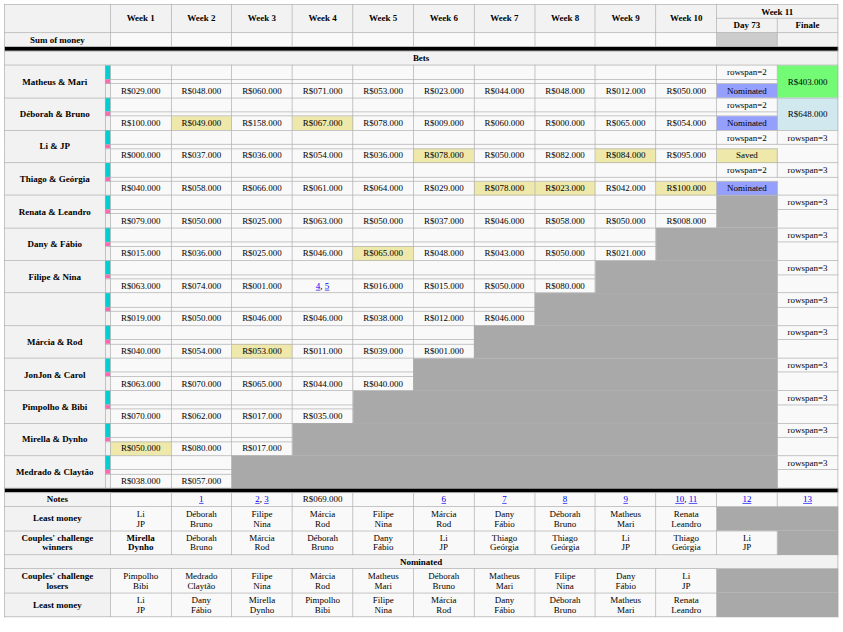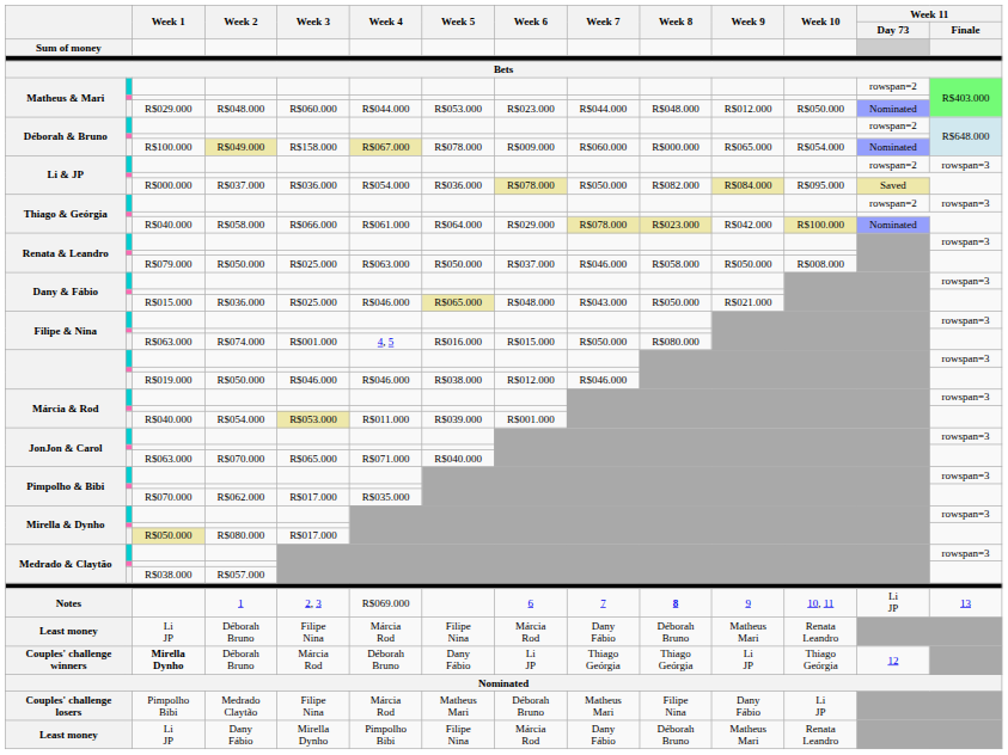 <table class="wikitable" style="text-align:center; font-size:85%; width:100%; line-height:15px;">
 <tr>
 <th rowspan=2 colspan=2 style="width:10.5%"></th>
 <th rowspan=2 style="width:06.0%">Week 1</th>
 <th rowspan=2 style="width:06.0%">Week 2</th>
 <th rowspan=2 style="width:06.0%">Week 3</th>
 <th rowspan=2 style="width:06.0%">Week 4</th>
 <th rowspan=2 style="width:06.0%">Week 5</th>
 <th rowspan=2 style="width:06.0%">Week 6</th>
 <th rowspan=2 style="width:06.0%">Week 7</th>
 <th rowspan=2 style="width:06.0%">Week 8</th>
 <th rowspan=2 style="width:06.0%">Week 9</th>
 <th rowspan=2 style="width:06.0%">Week 10</th>
 <th colspan=2 style="width:12.0%">Week 11</th>
 </tr>
 <tr>
 <th style="width:06.0%">Day 73</th>
 <th style="width:06.0%">Finale</th>
 </tr>
 <tr>
 <th colspan=2>Sum of money</th>
 <td></td>
 <td></td>
 <td></td>
 <td></td>
 <td></td>
 <td></td>
 <td></td>
 <td></td>
 <td></td>
 <td></td>
 <td bgcolor=CCCCCC></td>
 <th></th>
 </tr>
 <tr>
 <td colspan="14" bgcolor="000000"></td>
 </tr>
 <tr>
 <th colspan="14">Bets</th>
 </tr>
 <tr>
 <th rowspan=3>Matheus & Mari</th>
 <td bgcolor=00CED1></td>
 <td></td>
 <td></td>
 <td></td>
 <td></td>
 <td></td>
 <td></td>
 <td></td>
 <td></td>
 <td></td>
 <td></td>
 <td>rowspan=2 </td>
 <td bgcolor=73FB76 rowspan=3>R$403.000</td>
 </tr>
 <tr>
 <td bgcolor=FF69B4></td>
 <td></td>
 <td></td>
 <td></td>
 <td></td>
 <td></td>
 <td></td>
 <td></td>
 <td></td>
 <td></td>
 <td></td>
 </tr>
 <tr>
 <th></th>
 <td>R$029.000</td>
 <td>R$048.000</td>
 <td>R$060.000</td>
-<td>R$071.000</td>
+<td>R$044.000</td>
 <td>R$053.000</td>
 <td>R$023.000</td>
 <td>R$044.000</td>
 <td>R$048.000</td>
 <td>R$012.000</td>
 <td>R$050.000</td>
 <td bgcolor=959FFD>Nominated</td>
 </tr>
 <tr>
 <th rowspan=3>Déborah & Bruno</th>
 <td bgcolor=00CED1></td>
 <td></td>
 <td></td>
 <td></td>
 <td></td>
 <td></td>
 <td></td>
 <td></td>
 <td></td>
 <td></td>
 <td></td>
 <td>rowspan=2 </td>
 <td bgcolor=D1E8EF rowspan=3>R$648.000</td>
 </tr>
 <tr>
 <td bgcolor=FF69B4></td>
 <td></td>
 <td></td>
 <td></td>
 <td></td>
 <td></td>
 <td></td>
 <td></td>
 <td></td>
 <td></td>
 <td></td>
 </tr>
 <tr>
 <th></th>
 <td>R$100.000</td>
 <td bgcolor=EEE8AA>R$049.000</td>
 <td>R$158.000</td>
 <td bgcolor=EEE8AA>R$067.000</td>
 <td>R$078.000</td>
 <td>R$009.000</td>
 <td>R$060.000</td>
 <td>R$000.000</td>
 <td>R$065.000</td>
 <td>R$054.000</td>
 <td bgcolor=959FFD>Nominated</td>
 </tr>
 <tr>
 <th rowspan=3>Li & JP</th>
 <td bgcolor=00CED1></td>
 <td></td>
 <td></td>
 <td></td>
 <td></td>
 <td></td>
 <td></td>
 <td></td>
 <td></td>
 <td></td>
 <td></td>
 <td>rowspan=2 </td>
 <td>rowspan=3 </td>
 </tr>
 <tr>
 <td bgcolor=FF69B4></td>
 <td></td>
 <td></td>
 <td></td>
 <td></td>
 <td></td>
 <td></td>
 <td></td>
 <td></td>
 <td></td>
 <td></td>
 </tr>
 <tr>
 <th></th>
 <td>R$000.000</td>
 <td>R$037.000</td>
 <td>R$036.000</td>
 <td>R$054.000</td>
 <td>R$036.000</td>
 <td bgcolor=EEE8AA>R$078.000</td>
 <td>R$050.000</td>
 <td>R$082.000</td>
 <td bgcolor=EEE8AA>R$084.000</td>
 <td>R$095.000</td>
 <td bgcolor=EEE8AA>Saved</td>
 </tr>
 <tr>
 <th rowspan=3>Thiago & Geórgia</th>
 <td bgcolor=00CED1></td>
 <td></td>
 <td></td>
 <td></td>
 <td></td>
 <td></td>
 <td></td>
 <td></td>
 <td></td>
 <td></td>
 <td></td>
 <td>rowspan=2 </td>
 <td>rowspan=3 </td>
 </tr>
 <tr>
 <td bgcolor=FF69B4></td>
 <td></td>
 <td></td>
 <td></td>
 <td></td>
 <td></td>
 <td></td>
 <td></td>
 <td></td>
 <td></td>
 <td></td>
 </tr>
 <tr>
 <th></th>
 <td>R$040.000</td>
 <td>R$058.000</td>
 <td>R$066.000</td>
 <td>R$061.000</td>
 <td>R$064.000</td>
 <td>R$029.000</td>
 <td bgcolor=EEE8AA>R$078.000</td>
 <td bgcolor=EEE8AA>R$023.000</td>
 <td>R$042.000</td>
 <td bgcolor=EEE8AA>R$100.000</td>
 <td bgcolor=959FFD>Nominated</td>
 </tr>
 <tr>
 <th rowspan=3>Renata & Leandro</th>
 <td bgcolor=00CED1></td>
 <td></td>
 <td></td>
 <td></td>
 <td></td>
 <td></td>
 <td></td>
 <td></td>
 <td></td>
 <td></td>
 <td></td>
 <td rowspan="3" bgcolor="A9A9A9"></td>
 <td>rowspan=3 </td>
 </tr>
 <tr>
 <td bgcolor=FF69B4></td>
 <td></td>
 <td></td>
 <td></td>
 <td></td>
 <td></td>
 <td></td>
 <td></td>
 <td></td>
 <td></td>
 <td></td>
 </tr>
 <tr>
 <th></th>
 <td>R$079.000</td>
 <td>R$050.000</td>
 <td>R$025.000</td>
 <td>R$063.000</td>
 <td>R$050.000</td>
 <td>R$037.000</td>
 <td>R$046.000</td>
 <td>R$058.000</td>
 <td>R$050.000</td>
 <td>R$008.000</td>
 </tr>
 <tr>
 <th rowspan=3>Dany & Fábio</th>
 <td bgcolor=00CED1></td>
 <td></td>
 <td></td>
 <td></td>
 <td></td>
 <td></td>
 <td></td>
 <td></td>
 <td></td>
 <td></td>
 <td colspan="2" rowspan="3" bgcolor="A9A9A9"></td>
 <td>rowspan=3 </td>
 </tr>
 <tr>
 <td bgcolor=FF69B4></td>
 <td></td>
 <td></td>
 <td></td>
 <td></td>
 <td></td>
 <td></td>
 <td></td>
 <td></td>
 <td></td>
 </tr>
 <tr>
 <th></th>
 <td>R$015.000</td>
 <td>R$036.000</td>
 <td>R$025.000</td>
 <td>R$046.000</td>
 <td bgcolor=EEE8AA>R$065.000</td>
 <td>R$048.000</td>
 <td>R$043.000</td>
 <td>R$050.000</td>
 <td>R$021.000</td>
 </tr>
 <tr>
 <th rowspan=3>Filipe & Nina</th>
 <td bgcolor=00CED1></td>
 <td></td>
 <td></td>
 <td></td>
 <td></td>
 <td></td>
 <td></td>
 <td></td>
 <td></td>
 <td colspan="3" rowspan="3" bgcolor="A9A9A9"></td>
 <td>rowspan=3 </td>
 </tr>
 <tr>
 <td bgcolor=FF69B4></td>
 <td></td>
 <td></td>
 <td></td>
 <td></td>
 <td></td>
 <td></td>
 <td></td>
 <td></td>
 </tr>
 <tr>
 <th></th>
 <td>R$063.000</td>
 <td>R$074.000</td>
 <td>R$001.000</td>
 <td><a href='#'>4</a>, <a href='#'>5</a></td>
 <td>R$016.000</td>
 <td>R$015.000</td>
 <td>R$050.000</td>
 <td>R$080.000</td>
 </tr>
 <tr>
 <th rowspan=3></th>
 <td bgcolor=00CED1></td>
 <td></td>
 <td></td>
 <td></td>
 <td></td>
 <td></td>
 <td></td>
 <td></td>
 <td colspan="4" rowspan="3" bgcolor="A9A9A9"></td>
 <td>rowspan=3 </td>
 </tr>
 <tr>
 <td bgcolor=FF69B4></td>
 <td></td>
 <td></td>
 <td></td>
 <td></td>
 <td></td>
 <td></td>
 <td></td>
 </tr>
 <tr>
 <th></th>
 <td>R$019.000</td>
 <td>R$050.000</td>
 <td>R$046.000</td>
 <td>R$046.000</td>
 <td>R$038.000</td>
 <td>R$012.000</td>
 <td>R$046.000</td>
 </tr>
 <tr>
 <th rowspan=3>Márcia & Rod</th>
 <td bgcolor=00CED1></td>
 <td></td>
 <td></td>
 <td></td>
 <td></td>
 <td></td>
 <td></td>
 <td colspan="5" rowspan="3" bgcolor="A9A9A9"></td>
 <td>rowspan=3 </td>
 </tr>
 <tr>
 <td bgcolor=FF69B4></td>
 <td></td>
 <td></td>
 <td></td>
 <td></td>
 <td></td>
 <td></td>
 </tr>
 <tr>
 <th></th>
 <td>R$040.000</td>
 <td>R$054.000</td>
 <td bgcolor=EEE8AA>R$053.000</td>
 <td>R$011.000</td>
 <td>R$039.000</td>
 <td>R$001.000</td>
 </tr>
 <tr>
 <th rowspan=3>JonJon & Carol</th>
 <td bgcolor=00CED1></td>
 <td></td>
 <td></td>
 <td></td>
 <td></td>
 <td></td>
 <td colspan="6" rowspan="3" bgcolor="A9A9A9"></td>
 <td>rowspan=3 </td>
 </tr>
 <tr>
 <td bgcolor=FF69B4></td>
 <td></td>
 <td></td>
 <td></td>
 <td></td>
 <td></td>
 </tr>
 <tr>
 <th></th>
 <td>R$063.000</td>
 <td>R$070.000</td>
 <td>R$065.000</td>
-<td>R$044.000</td>
+<td>R$071.000</td>
 <td>R$040.000</td>
 </tr>
 <tr>
 <th rowspan=3>Pimpolho & Bibi</th>
 <td bgcolor=00CED1></td>
 <td></td>
 <td></td>
 <td></td>
 <td></td>
 <td colspan="7" rowspan="3" bgcolor="A9A9A9"></td>
 <td>rowspan=3 </td>
 </tr>
 <tr>
 <td bgcolor=FF69B4></td>
 <td></td>
 <td></td>
 <td></td>
 <td></td>
 </tr>
 <tr>
 <th></th>
 <td>R$070.000</td>
 <td>R$062.000</td>
 <td>R$017.000</td>
 <td>R$035.000</td>
 </tr>
 <tr>
 <th rowspan=3>Mirella & Dynho</th>
 <td bgcolor=00CED1></td>
 <td></td>
 <td></td>
 <td></td>
 <td colspan="8" rowspan="3" bgcolor="A9A9A9"></td>
 <td>rowspan=3 </td>
 </tr>
 <tr>
 <td bgcolor=FF69B4></td>
 <td></td>
 <td></td>
 <td></td>
 </tr>
 <tr>
 <th></th>
 <td bgcolor=EEE8AA>R$050.000</td>
 <td>R$080.000</td>
 <td>R$017.000</td>
 </tr>
 <tr>
 <th rowspan=3>Medrado & Claytão</th>
 <td bgcolor=00CED1></td>
 <td></td>
 <td></td>
 <td colspan="9" rowspan="3" bgcolor="A9A9A9"></td>
 <td>rowspan=3 </td>
 </tr>
 <tr>
 <td bgcolor=FF69B4></td>
 <td></td>
 <td></td>
 </tr>
 <tr>
 <th></th>
 <td>R$038.000</td>
 <td>R$057.000</td>
 </tr>
 <tr>
 <td colspan="14" bgcolor="000000"></td>
 </tr>
 <tr>
 <th colspan=2>Notes</th>
 <td></td>
 <td><a href='#'>1</a></td>
 <td><a href='#'>2</a>, <a href='#'>3</a></td>
 <td>R$069.000</td>
 <td></td>
 <td><a href='#'>6</a></td>
 <td><a href='#'>7</a></td>
-<td><a href='#'>8</a></td>
+<td><strong><a href='#'>8</a></strong></td>
 <td><a href='#'>9</a></td>
 <td><a href='#'>10</a>, <a href='#'>11</a></td>
-<td><a href='#'>12</a></td>
+<td>Li<br>JP</td>
 <td><a href='#'>13</a></td>
 </tr>
 <tr>
 <th colspan=2>Least money<br></th>
 <td>Li<br>JP</td>
 <td>Déborah<br>Bruno</td>
 <td>Filipe<br>Nina</td>
 <td>Márcia<br>Rod</td>
 <td>Filipe<br>Nina</td>
 <td>Márcia<br>Rod</td>
 <td>Dany<br>Fábio</td>
 <td>Déborah<br>Bruno</td>
 <td>Matheus<br>Mari</td>
 <td>Renata<br>Leandro</td>
 <td colspan="2" bgcolor="A9A9A9"></td>
 </tr>
 <tr>
 <th colspan=2>Couples' challenge winners</th>
 <td><strong>Mirella<br>Dynho</strong></td>
 <td>Déborah<br>Bruno</td>
 <td>Márcia<br>Rod</td>
 <td>Déborah<br>Bruno</td>
 <td>Dany<br>Fábio</td>
 <td>Li<br>JP</td>
 <td>Thiago<br>Geórgia</td>
 <td>Thiago<br>Geórgia</td>
 <td>Li<br>JP</td>
 <td>Thiago<br>Geórgia</td>
-<td>Li<br>JP</td>
+<td><a href='#'>12</a></td>
 <td bgcolor="A9A9A9"></td>
 </tr>
 <tr>
 <th colspan="15">Nominated </th>
 </tr>
 <tr>
 <th colspan=2>Couples' challenge<br>losers</th>
 <td>Pimpolho<br>Bibi</td>
 <td>Medrado<br>Claytão</td>
 <td>Filipe<br>Nina</td>
 <td>Márcia<br>Rod</td>
 <td>Matheus<br>Mari</td>
 <td>Déborah<br>Bruno</td>
 <td>Matheus<br>Mari</td>
 <td>Filipe<br>Nina</td>
 <td>Dany<br>Fábio</td>
 <td>Li<br>JP</td>
 <td colspan="2" bgcolor="A9A9A9"></td>
 </tr>
 <tr>
 <th colspan=2>Least money<br></th>
 <td>Li<br>JP</td>
 <td>Dany<br>Fábio</td>
 <td>Mirella<br>Dynho</td>
 <td>Pimpolho<br>Bibi</td>
 <td>Filipe<br>Nina</td>
 <td>Márcia<br>Rod</td>
 <td>Dany<br>Fábio</td>
 <td>Déborah<br>Bruno</td>
 <td>Matheus<br>Mari</td>
 <td>Renata<br>Leandro</td>
 <td colspan="2" bgcolor="A9A9A9"></td>
 </tr>
 </table>
